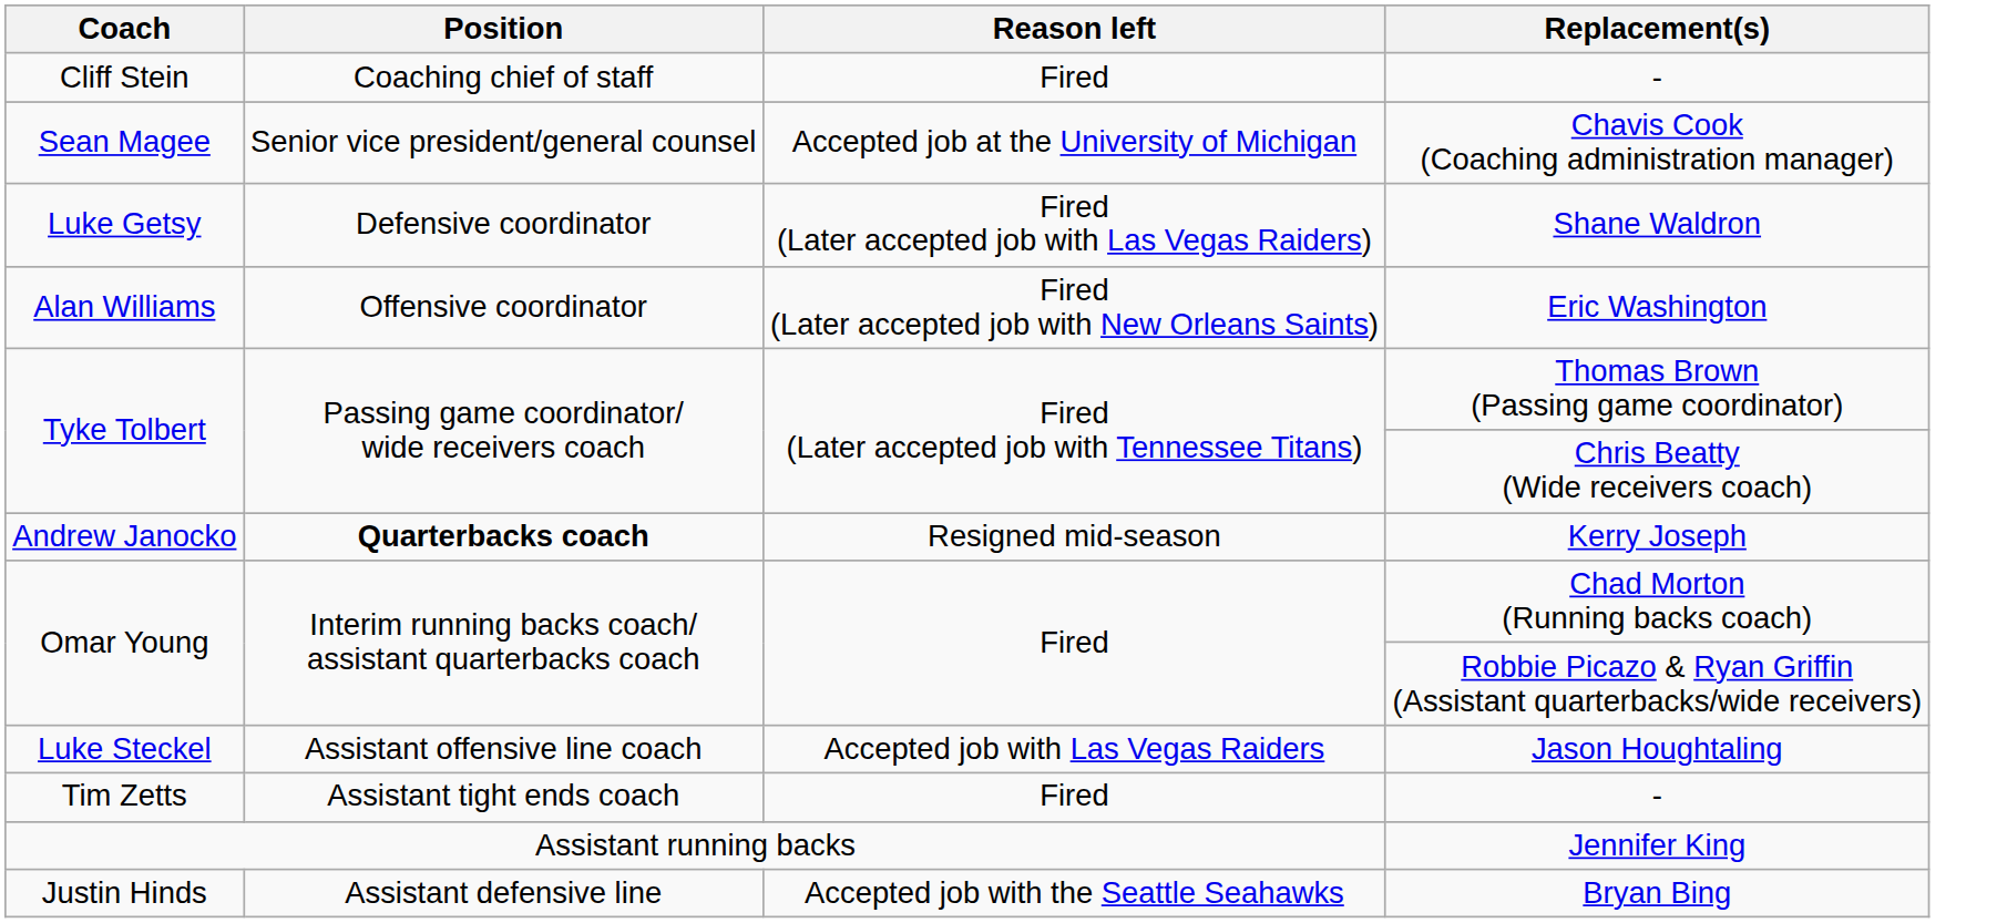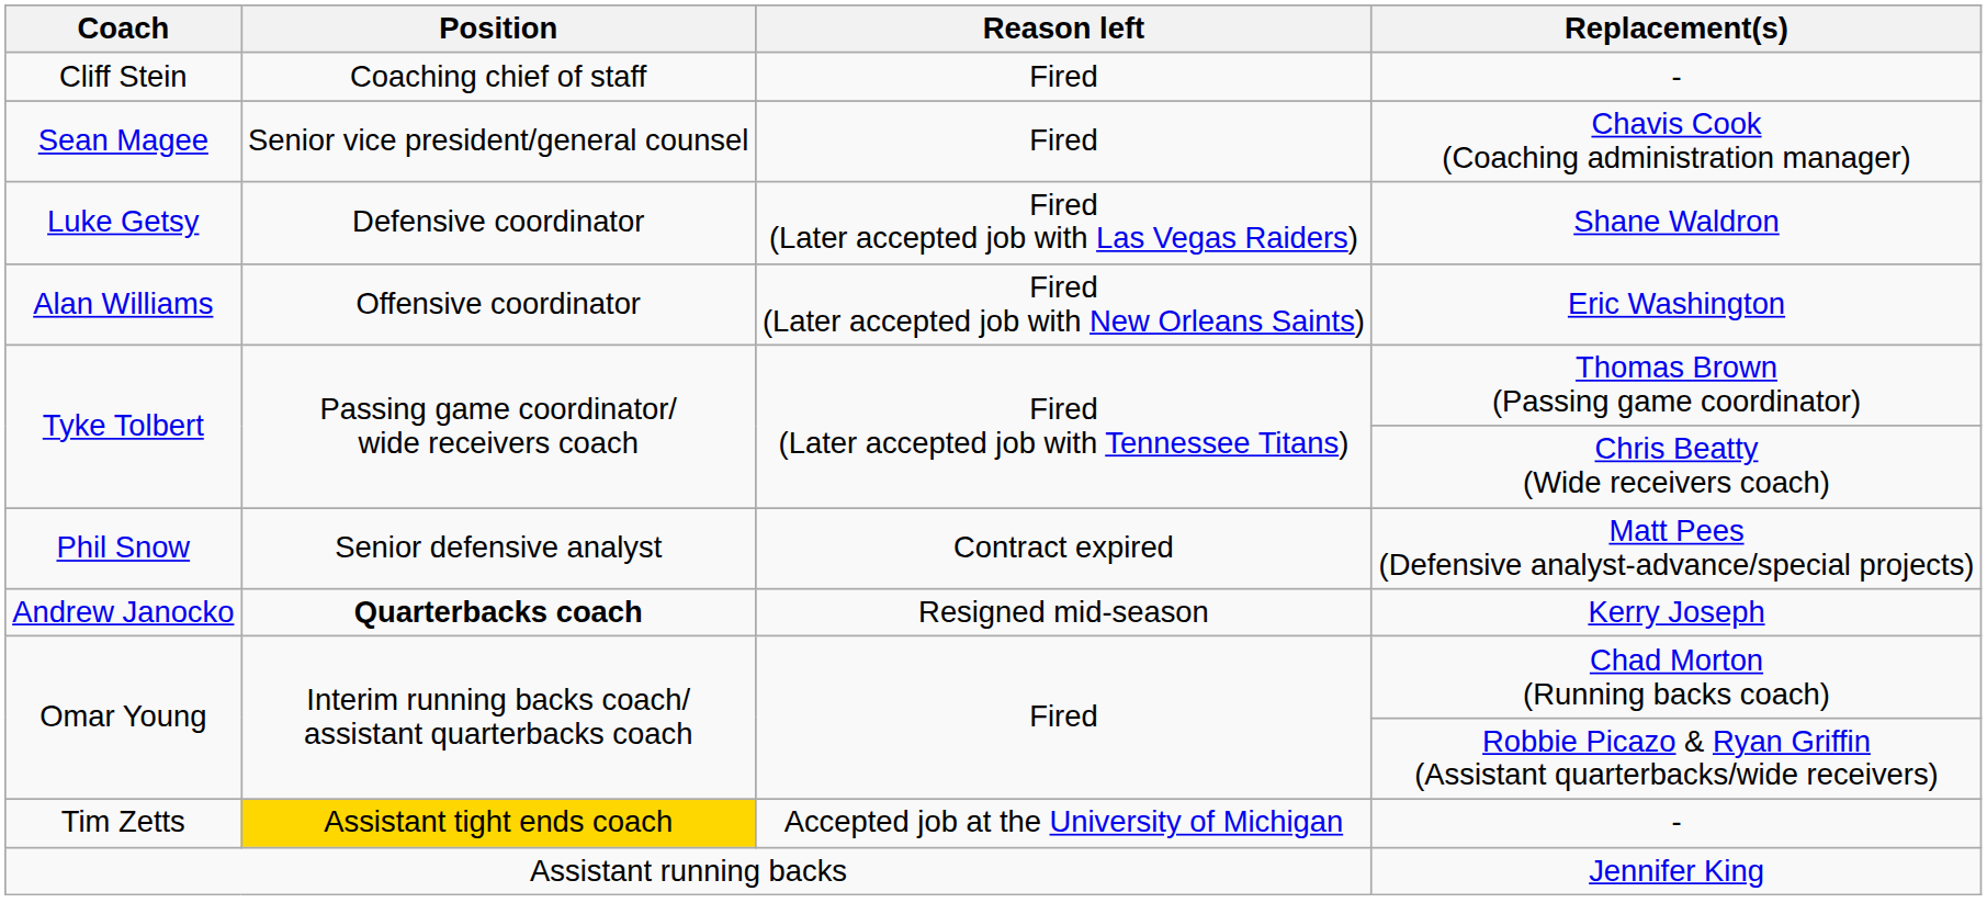 <table class="wikitable sortable" style="text-align:center">
 <tr>
 <th>Coach</th>
 <th>Position</th>
 <th>Reason left</th>
 <th>Replacement(s)</th>
 </tr>
 <tr>
 <td>Cliff Stein</td>
 <td>Coaching chief of staff</td>
 <td>Fired</td>
 <td>-</td>
 </tr>
 <tr>
 <td><a href='#'>Sean Magee</a></td>
 <td>Senior vice president/general counsel</td>
-<td>Accepted job at the <a href='#'>University of Michigan</a></td>
+<td>Fired</td>
 <td><a href='#'>Chavis Cook</a><br>(Coaching administration manager)</td>
 </tr>
 <tr>
 <td><a href='#'>Luke Getsy</a></td>
 <td>Defensive coordinator</td>
 <td>Fired<br>(Later accepted job with <a href='#'>Las Vegas Raiders</a>)</td>
 <td><a href='#'>Shane Waldron</a></td>
 </tr>
 <tr>
 <td><a href='#'>Alan Williams</a></td>
 <td>Offensive coordinator</td>
 <td>Fired<br>(Later accepted job with <a href='#'>New Orleans Saints</a>)</td>
 <td><a href='#'>Eric Washington</a></td>
 </tr>
 <tr>
 <td rowspan="2" style="text-align:center"><a href='#'>Tyke Tolbert</a></td>
 <td rowspan="2" style="text-align:center">Passing game coordinator/<br>wide receivers coach</td>
 <td rowspan="2" style="text-align:center">Fired<br>(Later accepted job with <a href='#'>Tennessee Titans</a>)</td>
 <td><a href='#'>Thomas Brown</a><br> (Passing game coordinator)</td>
 </tr>
 <tr>
 <td><a href='#'>Chris Beatty</a><br> (Wide receivers coach)</td>
 </tr>
 <tr>
+<td><a href='#'>Phil Snow</a></td>
+<td>Senior defensive analyst</td>
+<td>Contract expired</td>
+<td><a href='#'>Matt Pees</a><br>(Defensive analyst-advance/special projects)</td>
+</tr>
+<tr>
 <td><a href='#'>Andrew Janocko</a></td>
 <td><strong>Quarterbacks coach</strong></td>
 <td>Resigned mid-season</td>
 <td><a href='#'>Kerry Joseph</a></td>
 </tr>
 <tr>
 <td rowspan="2" style="text-align:center">Omar Young</td>
 <td rowspan="2" style="text-align:center">Interim running backs coach/ <br>assistant quarterbacks coach</td>
 <td rowspan="2" style="text-align:center">Fired</td>
 <td><a href='#'>Chad Morton</a><br> (Running backs coach)</td>
 </tr>
 <tr>
 <td><a href='#'>Robbie Picazo</a> & <a href='#'>Ryan Griffin</a><br> (Assistant quarterbacks/wide receivers)</td>
 </tr>
 <tr>
-<td><a href='#'>Luke Steckel</a></td>
-<td>Assistant offensive line coach</td>
-<td>Accepted job with <a href='#'>Las Vegas Raiders</a></td>
-<td><a href='#'>Jason Houghtaling</a></td>
-</tr>
-<tr>
 <td>Tim Zetts</td>
-<td>Assistant tight ends coach</td>
-<td>Fired</td>
+<td style="background: gold;">Assistant tight ends coach</td>
+<td>Accepted job at the <a href='#'>University of Michigan</a></td>
 <td>-</td>
 </tr>
 <tr>
 <td colspan="3" style="text-align:center">Assistant running backs</td>
 <td><a href='#'>Jennifer King</a></td>
 </tr>
-<tr>
-<td>Justin Hinds</td>
-<td>Assistant defensive line</td>
-<td>Accepted job with the <a href='#'>Seattle Seahawks</a></td>
-<td><a href='#'>Bryan Bing</a></td>
-</tr>
 </table>
